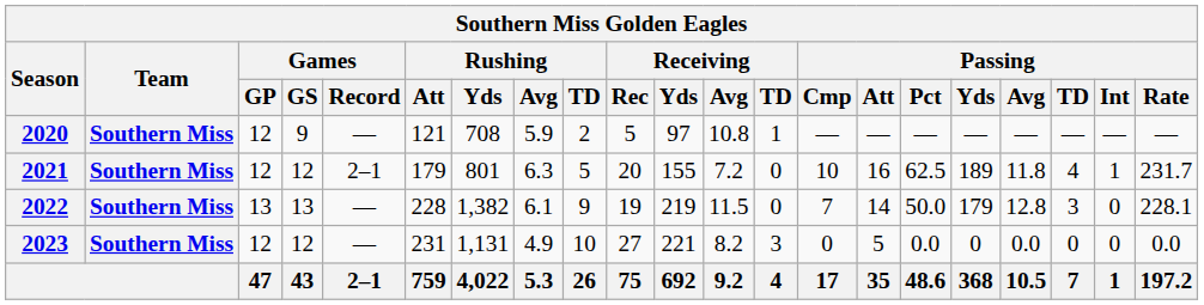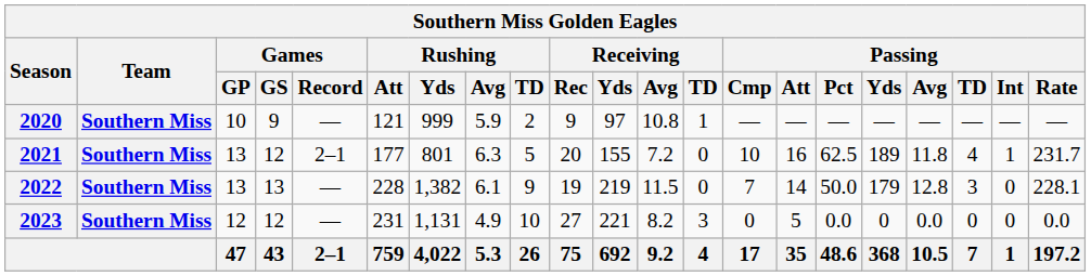 <table class="wikitable" style="text-align:center;">
 <tr>
 <th colspan="22">Southern Miss Golden Eagles</th>
 </tr>
 <tr>
 <th rowspan="2">Season</th>
 <th rowspan="2">Team</th>
 <th colspan="3">Games</th>
 <th colspan="4">Rushing</th>
 <th colspan="4">Receiving</th>
 <th colspan="8">Passing</th>
 </tr>
 <tr>
 <th>GP</th>
 <th>GS</th>
 <th>Record</th>
 <th>Att</th>
 <th>Yds</th>
 <th>Avg</th>
 <th>TD</th>
 <th>Rec</th>
 <th>Yds</th>
 <th>Avg</th>
 <th>TD</th>
 <th>Cmp</th>
 <th>Att</th>
 <th>Pct</th>
 <th>Yds</th>
 <th>Avg</th>
 <th>TD</th>
 <th>Int</th>
 <th>Rate</th>
 </tr>
 <tr>
 <th><a href='#'>2020</a></th>
 <th><a href='#'>Southern Miss</a></th>
-<td>12</td>
+<td>10</td>
 <td>9</td>
 <td>—</td>
 <td>121</td>
-<td>708</td>
+<td>999</td>
 <td>5.9</td>
 <td>2</td>
-<td>5</td>
+<td>9</td>
 <td>97</td>
 <td>10.8</td>
 <td>1</td>
 <td>—</td>
 <td>—</td>
 <td>—</td>
 <td>—</td>
 <td>—</td>
 <td>—</td>
 <td>—</td>
 <td>—</td>
 </tr>
 <tr>
 <th><a href='#'>2021</a></th>
 <th><a href='#'>Southern Miss</a></th>
-<td>12</td>
+<td>13</td>
 <td>12</td>
 <td>2–1</td>
-<td>179</td>
+<td>177</td>
 <td>801</td>
 <td>6.3</td>
 <td>5</td>
 <td>20</td>
 <td>155</td>
 <td>7.2</td>
 <td>0</td>
 <td>10</td>
 <td>16</td>
 <td>62.5</td>
 <td>189</td>
 <td>11.8</td>
 <td>4</td>
 <td>1</td>
 <td>231.7</td>
 </tr>
 <tr>
 <th><a href='#'>2022</a></th>
 <th><a href='#'>Southern Miss</a></th>
 <td>13</td>
 <td>13</td>
 <td>—</td>
 <td>228</td>
 <td>1,382</td>
 <td>6.1</td>
 <td>9</td>
 <td>19</td>
 <td>219</td>
 <td>11.5</td>
 <td>0</td>
 <td>7</td>
 <td>14</td>
 <td>50.0</td>
 <td>179</td>
 <td>12.8</td>
 <td>3</td>
 <td>0</td>
 <td>228.1</td>
 </tr>
 <tr>
 <th><a href='#'>2023</a></th>
 <th><a href='#'>Southern Miss</a></th>
 <td>12</td>
 <td>12</td>
 <td>—</td>
 <td>231</td>
 <td>1,131</td>
 <td>4.9</td>
 <td>10</td>
 <td>27</td>
 <td>221</td>
 <td>8.2</td>
 <td>3</td>
 <td>0</td>
 <td>5</td>
 <td>0.0</td>
 <td>0</td>
 <td>0.0</td>
 <td>0</td>
 <td>0</td>
 <td>0.0</td>
 </tr>
 <tr>
 <th colspan="2"></th>
 <th>47</th>
 <th>43</th>
 <th>2–1</th>
 <th>759</th>
 <th>4,022</th>
 <th>5.3</th>
 <th>26</th>
 <th>75</th>
 <th>692</th>
 <th>9.2</th>
 <th>4</th>
 <th>17</th>
 <th>35</th>
 <th>48.6</th>
 <th>368</th>
 <th>10.5</th>
 <th>7</th>
 <th>1</th>
 <th>197.2</th>
 </tr>
 </table>
